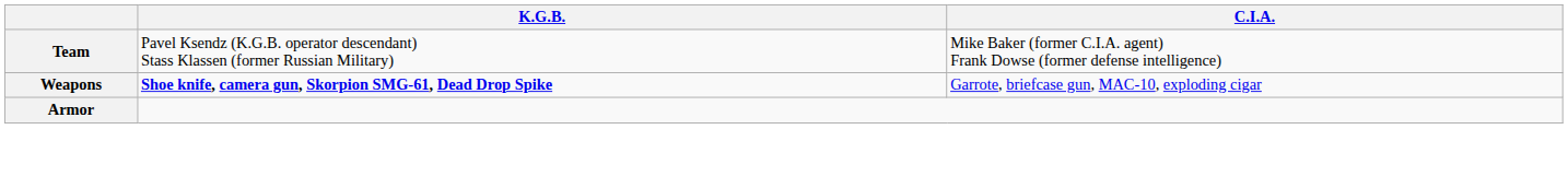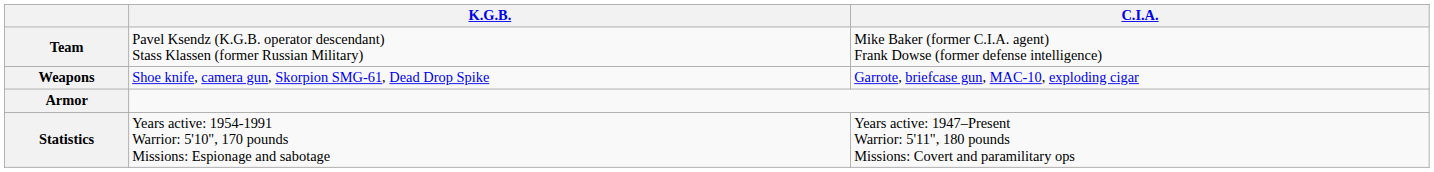 <table class="wikitable unsortable" ; style="width: 100%">
 <tr>
 <th></th>
 <th><strong><a href='#'>K.G.B.</a></strong></th>
 <th><strong><a href='#'>C.I.A.</a></strong></th>
 </tr>
 <tr>
 <th>Team</th>
 <td>Pavel Ksendz (K.G.B. operator descendant)<br>Stass Klassen (former Russian Military)</td>
 <td>Mike Baker (former C.I.A. agent)<br>Frank Dowse (former defense intelligence)</td>
 </tr>
 <tr>
 <th>Weapons</th>
-<td><strong><a href='#'>Shoe knife</a>, <a href='#'>camera gun</a>, <a href='#'>Skorpion SMG-61</a>, <a href='#'>Dead Drop Spike</a></strong></td>
+<td><a href='#'>Shoe knife</a>, <a href='#'>camera gun</a>, <a href='#'>Skorpion SMG-61</a>, <a href='#'>Dead Drop Spike</a></td>
 <td><a href='#'>Garrote</a>, <a href='#'>briefcase gun</a>, <a href='#'>MAC-10</a>, <a href='#'>exploding cigar</a></td>
 </tr>
 <tr>
 <th>Armor</th>
 <td colspan="2"></td>
 </tr>
+<tr>
+<th>Statistics</th>
+<td>Years active: 1954-1991<br>Warrior: 5'10", 170 pounds<br>Missions: Espionage and sabotage</td>
+<td>Years active: 1947–Present<br>Warrior: 5'11", 180 pounds<br>Missions: Covert and paramilitary ops</td>
+</tr>
 </table>
